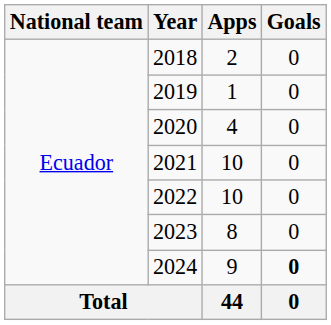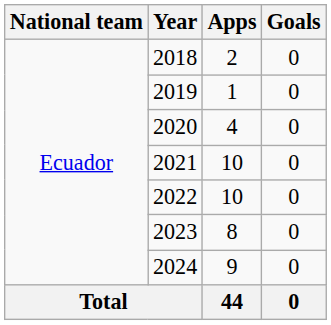 <table class="wikitable" style="text-align:center">
 <tr>
 <th>National team</th>
 <th>Year</th>
 <th>Apps</th>
 <th>Goals</th>
 </tr>
 <tr>
 <td rowspan="7"><a href='#'>Ecuador</a></td>
 <td>2018</td>
 <td>2</td>
 <td>0</td>
 </tr>
 <tr>
 <td>2019</td>
 <td>1</td>
 <td>0</td>
 </tr>
 <tr>
 <td>2020</td>
 <td>4</td>
 <td>0</td>
 </tr>
 <tr>
 <td>2021</td>
 <td>10</td>
 <td>0</td>
 </tr>
 <tr>
 <td>2022</td>
 <td>10</td>
 <td>0</td>
 </tr>
 <tr>
 <td>2023</td>
 <td>8</td>
 <td>0</td>
 </tr>
 <tr>
 <td>2024</td>
 <td>9</td>
-<td><strong>0</strong></td>
+<td>0</td>
 </tr>
 <tr>
 <th colspan="2">Total</th>
 <th>44</th>
 <th>0</th>
 </tr>
 </table>
